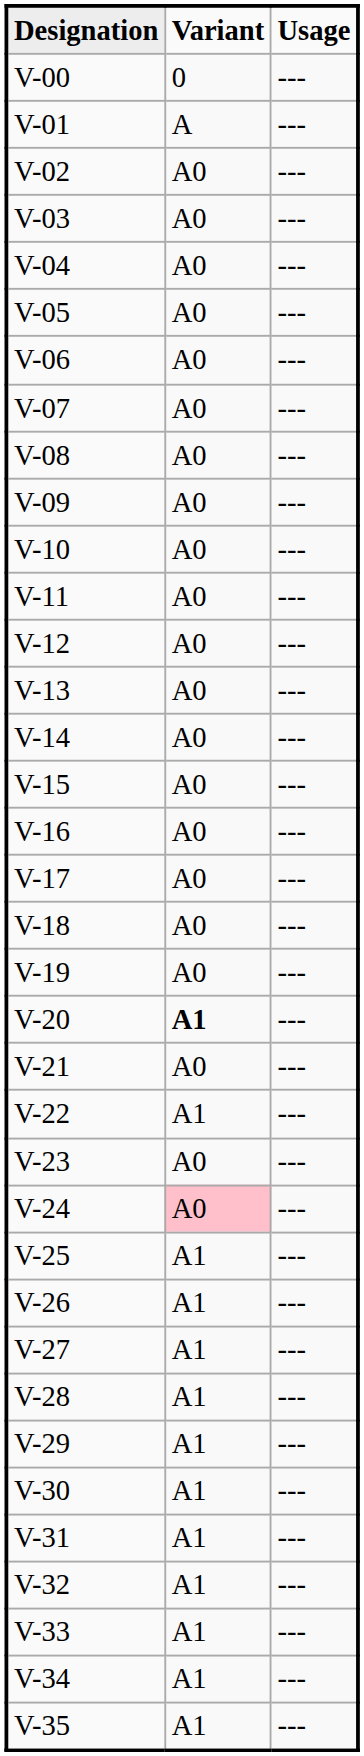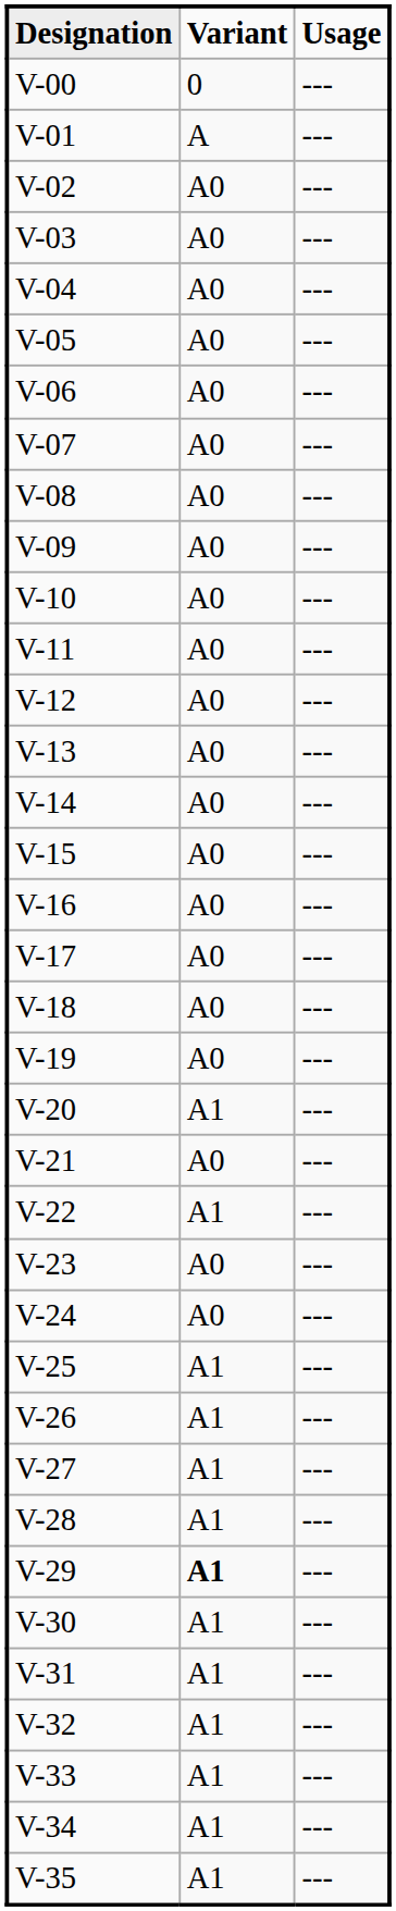 <table class="wikitable" style="margin:4px; border:2px solid #000000; font-size:95%;">
 <tr>
 <th style="background:#EDEDED;">Designation</th>
 <th style="background:#FAFAFA;">Variant</th>
 <th style="background:#FAFAFA;">Usage</th>
 </tr>
 <tr>
 <td style="background:#FAFAFA;">V-00</td>
 <td>0</td>
 <td>---</td>
 </tr>
 <tr>
 <td style="background:#FAFAFA;">V-01</td>
 <td>A</td>
 <td>---</td>
 </tr>
 <tr>
 <td style="background:#FAFAFA;">V-02</td>
 <td>A0</td>
 <td>---</td>
 </tr>
 <tr>
 <td style="background:#FAFAFA;">V-03</td>
 <td>A0</td>
 <td>---</td>
 </tr>
 <tr>
 <td style="background:#FAFAFA;">V-04</td>
 <td>A0</td>
 <td>---</td>
 </tr>
 <tr>
 <td style="background:#FAFAFA;">V-05</td>
 <td>A0</td>
 <td>---</td>
 </tr>
 <tr>
 <td style="background:#FAFAFA;">V-06</td>
 <td>A0</td>
 <td>---</td>
 </tr>
 <tr>
 <td style="background:#FAFAFA;">V-07</td>
 <td>A0</td>
 <td>---</td>
 </tr>
 <tr>
 <td style="background:#FAFAFA;">V-08</td>
 <td>A0</td>
 <td>---</td>
 </tr>
 <tr>
 <td style="background:#FAFAFA;">V-09</td>
 <td>A0</td>
 <td>---</td>
 </tr>
 <tr>
 <td style="background:#FAFAFA;">V-10</td>
 <td>A0</td>
 <td>---</td>
 </tr>
 <tr>
 <td style="background:#FAFAFA;">V-11</td>
 <td>A0</td>
 <td>---</td>
 </tr>
 <tr>
 <td style="background:#FAFAFA;">V-12</td>
 <td>A0</td>
 <td>---</td>
 </tr>
 <tr>
 <td style="background:#FAFAFA;">V-13</td>
 <td>A0</td>
 <td>---</td>
 </tr>
 <tr>
 <td style="background:#FAFAFA;">V-14</td>
 <td>A0</td>
 <td>---</td>
 </tr>
 <tr>
 <td style="background:#FAFAFA;">V-15</td>
 <td>A0</td>
 <td>---</td>
 </tr>
 <tr>
 <td style="background:#FAFAFA;">V-16</td>
 <td>A0</td>
 <td>---</td>
 </tr>
 <tr>
 <td style="background:#FAFAFA;">V-17</td>
 <td>A0</td>
 <td>---</td>
 </tr>
 <tr>
 <td style="background:#FAFAFA;">V-18</td>
 <td>A0</td>
 <td>---</td>
 </tr>
 <tr>
 <td style="background:#FAFAFA;">V-19</td>
 <td>A0</td>
 <td>---</td>
 </tr>
 <tr>
 <td style="background:#FAFAFA;">V-20</td>
-<td><strong>A1</strong></td>
+<td>A1</td>
 <td>---</td>
 </tr>
 <tr>
 <td style="background:#FAFAFA;">V-21</td>
 <td>A0</td>
 <td>---</td>
 </tr>
 <tr>
 <td style="background:#FAFAFA;">V-22</td>
 <td>A1</td>
 <td>---</td>
 </tr>
 <tr>
 <td style="background:#FAFAFA;">V-23</td>
 <td>A0</td>
 <td>---</td>
 </tr>
 <tr>
 <td style="background:#FAFAFA;">V-24</td>
-<td style="background: pink;">A0</td>
+<td>A0</td>
 <td>---</td>
 </tr>
 <tr>
 <td style="background:#FAFAFA;">V-25</td>
 <td>A1</td>
 <td>---</td>
 </tr>
 <tr>
 <td style="background:#FAFAFA;">V-26</td>
 <td>A1</td>
 <td>---</td>
 </tr>
 <tr>
 <td style="background:#FAFAFA;">V-27</td>
 <td>A1</td>
 <td>---</td>
 </tr>
 <tr>
 <td style="background:#FAFAFA;">V-28</td>
 <td>A1</td>
 <td>---</td>
 </tr>
 <tr>
 <td style="background:#FAFAFA;">V-29</td>
-<td>A1</td>
+<td><strong>A1</strong></td>
 <td>---</td>
 </tr>
 <tr>
 <td style="background:#FAFAFA;">V-30</td>
 <td>A1</td>
 <td>---</td>
 </tr>
 <tr>
 <td style="background:#FAFAFA;">V-31</td>
 <td>A1</td>
 <td>---</td>
 </tr>
 <tr>
 <td style="background:#FAFAFA;">V-32</td>
 <td>A1</td>
 <td>---</td>
 </tr>
 <tr>
 <td style="background:#FAFAFA;">V-33</td>
 <td>A1</td>
 <td>---</td>
 </tr>
 <tr>
 <td style="background:#FAFAFA;">V-34</td>
 <td>A1</td>
 <td>---</td>
 </tr>
 <tr>
 <td style="background:#FAFAFA;">V-35</td>
 <td>A1</td>
 <td>---</td>
 </tr>
 <tr>
 </tr>
 </table>
